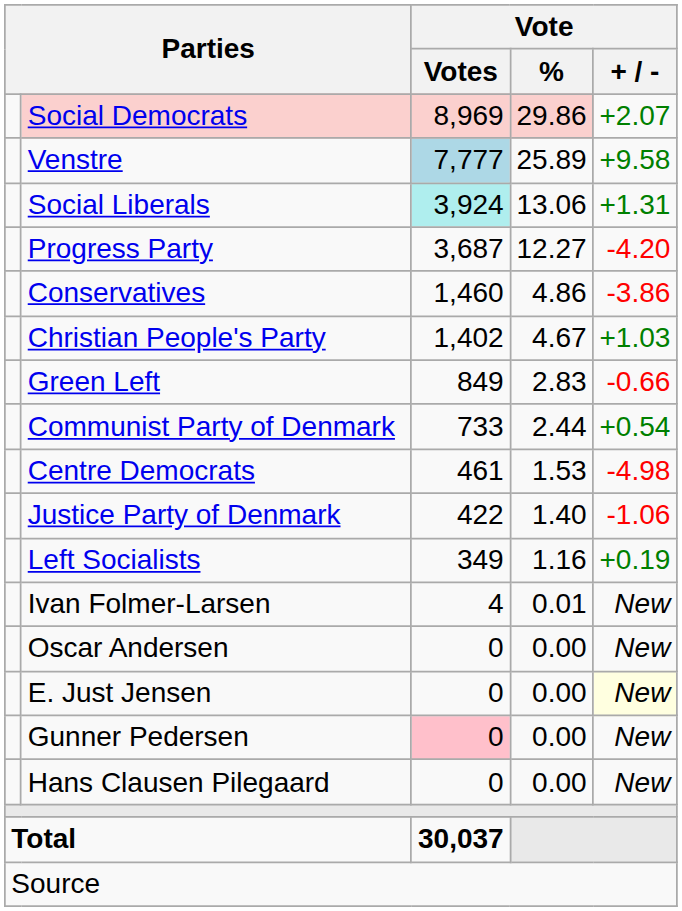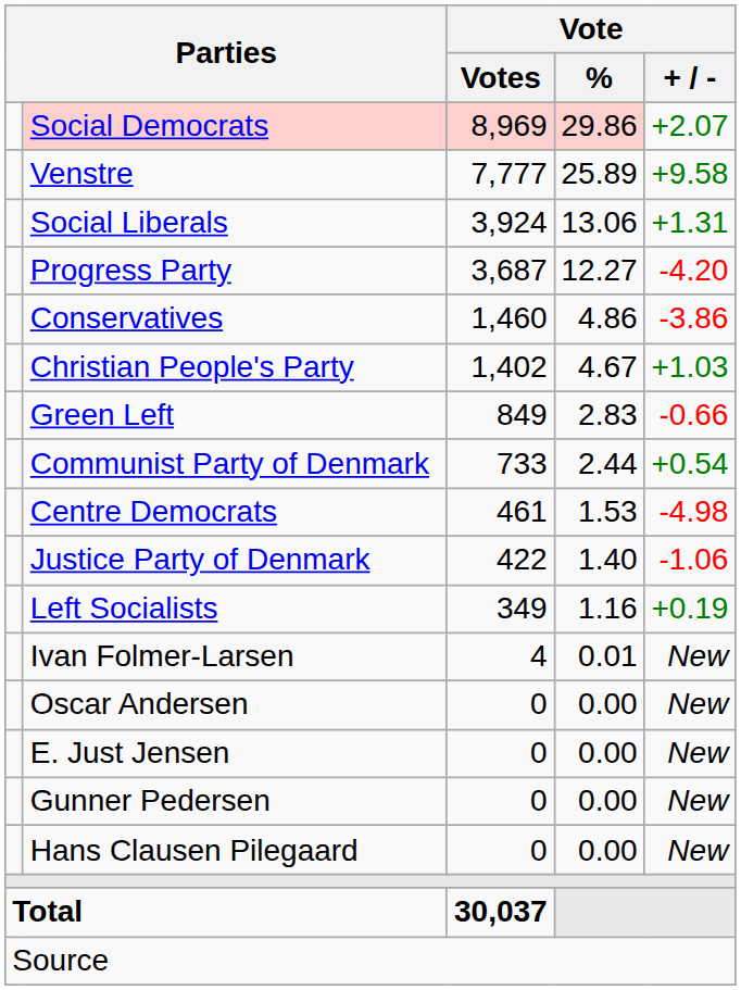 <table class="wikitable" style="text-align:right;">
 <tr>
 <th style="text-align:centre;" rowspan="2" colspan="2" width="225">Parties</th>
 <th colspan="3">Vote</th>
 </tr>
 <tr>
 <th width="15">Votes</th>
 <th width="15">%</th>
 <th width="15">+ / -</th>
 </tr>
 <tr>
 <td width="2" style="color:inherit;background:"></td>
 <td bgcolor=#fbd0ce  align="left"><a href='#'>Social Democrats</a></td>
 <td bgcolor=#fbd0ce>8,969</td>
 <td bgcolor=#fbd0ce>29.86</td>
 <td style=color:green;>+2.07</td>
 </tr>
 <tr>
 <td width="2" style="color:inherit;background:"></td>
 <td align="left"><a href='#'>Venstre</a></td>
-<td style="background: lightblue;">7,777</td>
+<td>7,777</td>
 <td>25.89</td>
 <td style=color:green;>+9.58</td>
 </tr>
 <tr>
 <td width="2" style="color:inherit;background:"></td>
 <td align="left"><a href='#'>Social Liberals</a></td>
-<td style="background: paleturquoise;">3,924</td>
+<td>3,924</td>
 <td>13.06</td>
 <td style=color:green;>+1.31</td>
 </tr>
 <tr>
 <td width="2" style="color:inherit;background:"></td>
 <td align="left"><a href='#'>Progress Party</a></td>
 <td>3,687</td>
 <td>12.27</td>
 <td style=color:red;>-4.20</td>
 </tr>
 <tr>
 <td width="2" style="color:inherit;background:"></td>
 <td align="left"><a href='#'>Conservatives</a></td>
 <td>1,460</td>
 <td>4.86</td>
 <td style=color:red;>-3.86</td>
 </tr>
 <tr>
 <td width="2" style="color:inherit;background:"></td>
 <td align="left"><a href='#'>Christian People's Party</a></td>
 <td>1,402</td>
 <td>4.67</td>
 <td style=color:green;>+1.03</td>
 </tr>
 <tr>
 <td width="2" style="color:inherit;background:"></td>
 <td align="left"><a href='#'>Green Left</a></td>
 <td>849</td>
 <td>2.83</td>
 <td style=color:red;>-0.66</td>
 </tr>
 <tr>
 <td width="2" style="color:inherit;background:"></td>
 <td align="left"><a href='#'>Communist Party of Denmark</a></td>
 <td>733</td>
 <td>2.44</td>
 <td style=color:green;>+0.54</td>
 </tr>
 <tr>
 <td width="2" style="color:inherit;background:"></td>
 <td align="left"><a href='#'>Centre Democrats</a></td>
 <td>461</td>
 <td>1.53</td>
 <td style=color:red;>-4.98</td>
 </tr>
 <tr>
 <td width="2" style="color:inherit;background:"></td>
 <td align="left"><a href='#'>Justice Party of Denmark</a></td>
 <td>422</td>
 <td>1.40</td>
 <td style=color:red;>-1.06</td>
 </tr>
 <tr>
 <td width="2" style="color:inherit;background:"></td>
 <td align="left"><a href='#'>Left Socialists</a></td>
 <td>349</td>
 <td>1.16</td>
 <td style=color:green;>+0.19</td>
 </tr>
 <tr>
 <td width="2" style="color:inherit;background:"></td>
 <td align="left">Ivan Folmer-Larsen</td>
 <td>4</td>
 <td>0.01</td>
 <td><em>New</em></td>
 </tr>
 <tr>
 <td width="2" style="color:inherit;background:"></td>
 <td align="left">Oscar Andersen</td>
 <td>0</td>
 <td>0.00</td>
 <td><em>New</em></td>
 </tr>
 <tr>
 <td width="2" style="color:inherit;background:"></td>
 <td align="left">E. Just Jensen</td>
 <td>0</td>
 <td>0.00</td>
-<td style="background: lightyellow;"><em>New</em></td>
+<td><em>New</em></td>
 </tr>
 <tr>
 <td width="2" style="color:inherit;background:"></td>
 <td align="left">Gunner Pedersen</td>
-<td style="background: pink;">0</td>
+<td>0</td>
 <td>0.00</td>
 <td><em>New</em></td>
 </tr>
 <tr>
 <td width="2" style="color:inherit;background:"></td>
 <td align="left">Hans Clausen Pilegaard</td>
 <td>0</td>
 <td>0.00</td>
 <td><em>New</em></td>
 </tr>
 <tr>
 <td colspan="7" bgcolor="#E9E9E9"></td>
 </tr>
 <tr>
 <td align="left" colspan="2"><strong>Total</strong></td>
 <td><strong>30,037</strong></td>
 <td bgcolor="#E9E9E9" colspan="2"></td>
 </tr>
 <tr>
 <td align="left" colspan="6">Source</td>
 </tr>
 </table>
